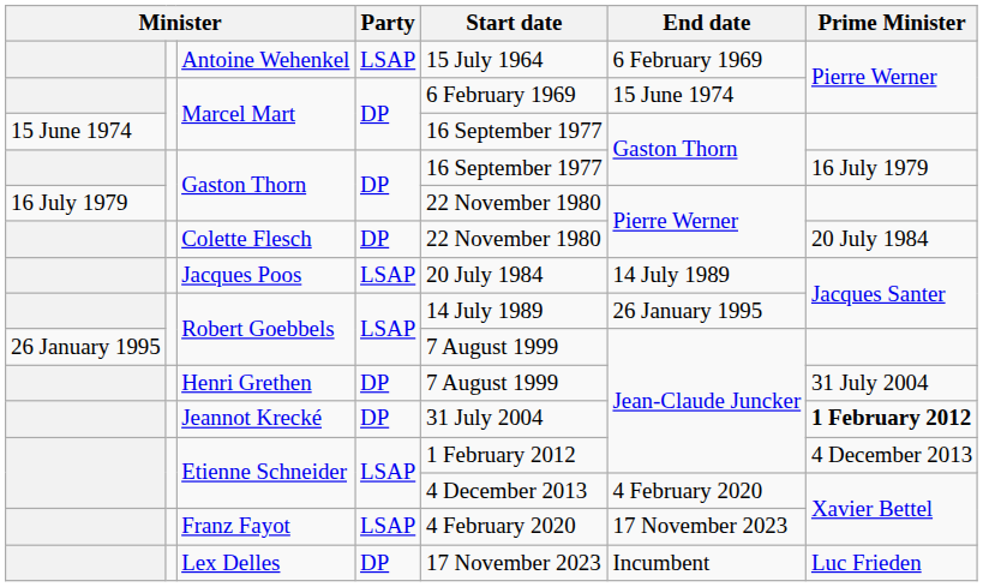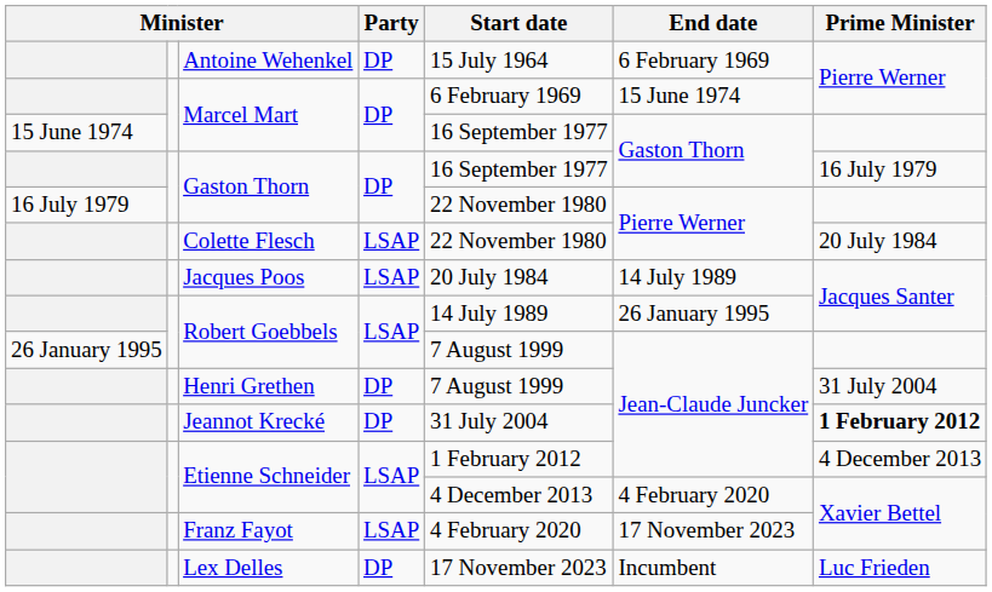 <table class="wikitable">
 <tr style="background: #efefef;">
 <th colspan=3>Minister</th>
 <th>Party</th>
 <th>Start date</th>
 <th>End date</th>
 <th>Prime Minister</th>
 </tr>
 <tr>
 <th style="background-color: "></th>
 <td></td>
 <td><a href='#'>Antoine Wehenkel</a></td>
-<td><a href='#'>LSAP</a></td>
+<td><a href='#'>DP</a></td>
 <td>15 July 1964</td>
 <td>6 February 1969</td>
 <td rowspan=2><a href='#'>Pierre Werner</a></td>
 </tr>
 <tr>
 <th style="background-color: "></th>
 <td rowspan=2></td>
 <td rowspan=2><a href='#'>Marcel Mart</a></td>
 <td rowspan=2><a href='#'>DP</a></td>
 <td>6 February 1969</td>
 <td>15 June 1974</td>
 </tr>
 <tr>
 <td>15 June 1974</td>
 <td>16 September 1977</td>
 <td rowspan=2><a href='#'>Gaston Thorn</a></td>
 </tr>
 <tr>
 <th style="background-color: "></th>
 <td rowspan=2></td>
 <td rowspan=2><a href='#'>Gaston Thorn</a></td>
 <td rowspan=2><a href='#'>DP</a></td>
 <td>16 September 1977</td>
 <td>16 July 1979</td>
 </tr>
 <tr>
 <td>16 July 1979</td>
 <td>22 November 1980</td>
 <td rowspan=2><a href='#'>Pierre Werner</a></td>
 </tr>
 <tr>
 <th style="background-color: "></th>
 <td></td>
 <td><a href='#'>Colette Flesch</a></td>
-<td><a href='#'>DP</a></td>
+<td><a href='#'>LSAP</a></td>
 <td>22 November 1980</td>
 <td>20 July 1984</td>
 </tr>
 <tr>
 <th style="background-color: "></th>
 <td></td>
 <td><a href='#'>Jacques Poos</a></td>
 <td><a href='#'>LSAP</a></td>
 <td>20 July 1984</td>
 <td>14 July 1989</td>
 <td rowspan=2><a href='#'>Jacques Santer</a></td>
 </tr>
 <tr>
 <th style="background-color: "></th>
 <td rowspan=2></td>
 <td rowspan=2><a href='#'>Robert Goebbels</a></td>
 <td rowspan=2><a href='#'>LSAP</a></td>
 <td>14 July 1989</td>
 <td>26 January 1995</td>
 </tr>
 <tr>
 <td>26 January 1995</td>
 <td>7 August 1999</td>
 <td rowspan=4><a href='#'>Jean-Claude Juncker</a></td>
 </tr>
 <tr>
 <th style="background-color: "></th>
 <td></td>
 <td><a href='#'>Henri Grethen</a></td>
 <td><a href='#'>DP</a></td>
 <td>7 August 1999</td>
 <td>31 July 2004</td>
 </tr>
 <tr>
 <th style="background-color: "></th>
 <td></td>
 <td><a href='#'>Jeannot Krecké</a></td>
 <td><a href='#'>DP</a></td>
 <td>31 July 2004</td>
 <td><strong>1 February 2012</strong></td>
 </tr>
 <tr>
 <th rowspan=2 style="background-color: "></th>
 <td rowspan=2></td>
 <td rowspan=2><a href='#'>Etienne Schneider</a></td>
 <td rowspan=2><a href='#'>LSAP</a></td>
 <td>1 February 2012</td>
 <td>4 December 2013</td>
 </tr>
 <tr>
 <td>4 December 2013</td>
 <td>4 February 2020</td>
 <td rowspan=2><a href='#'>Xavier Bettel</a></td>
 </tr>
 <tr>
 <th style="background-color: "></th>
 <td></td>
 <td><a href='#'>Franz Fayot</a></td>
 <td><a href='#'>LSAP</a></td>
 <td>4 February 2020</td>
 <td>17 November 2023</td>
 </tr>
 <tr>
 <th style="background-color: "></th>
 <td></td>
 <td><a href='#'>Lex Delles</a></td>
 <td><a href='#'>DP</a></td>
 <td>17 November 2023</td>
 <td>Incumbent</td>
 <td><a href='#'>Luc Frieden</a></td>
 </tr>
 </table>
